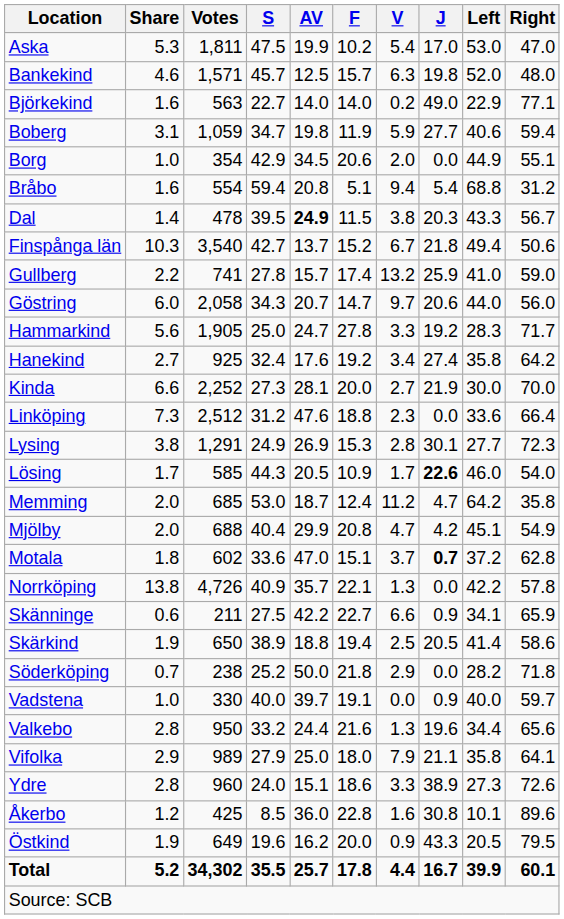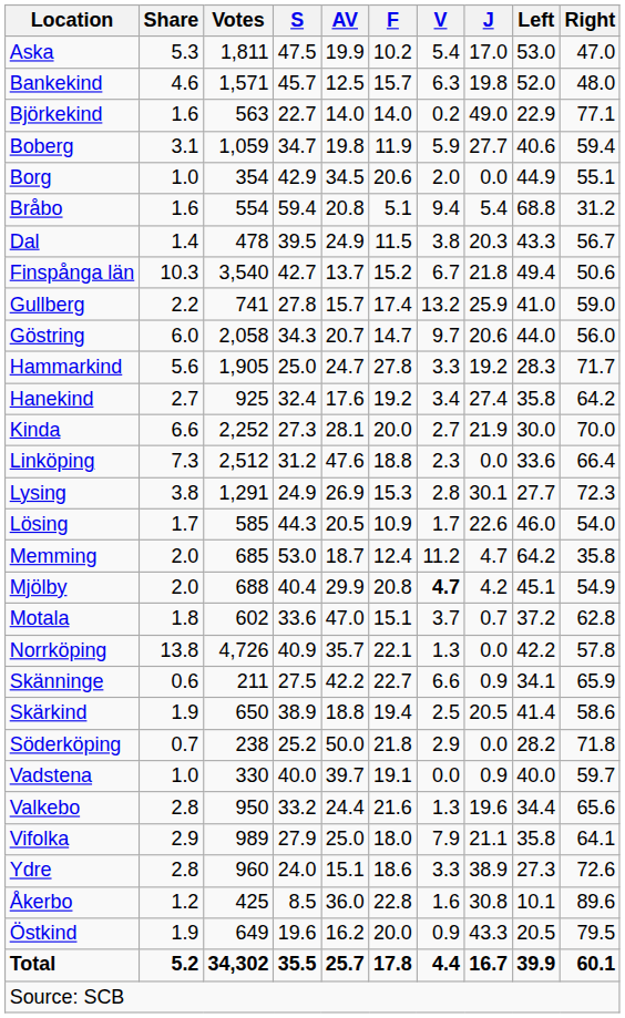 <table class="wikitable sortable" style=text-align:right>
 <tr>
 <th>Location</th>
 <th>Share</th>
 <th>Votes</th>
 <th><a href='#'>S</a></th>
 <th><a href='#'>AV</a></th>
 <th><a href='#'>F</a></th>
 <th><a href='#'>V</a></th>
 <th><a href='#'>J</a></th>
 <th>Left</th>
 <th>Right</th>
 </tr>
 <tr>
 <td align=left><a href='#'>Aska</a></td>
 <td>5.3</td>
 <td>1,811</td>
 <td>47.5</td>
 <td>19.9</td>
 <td>10.2</td>
 <td>5.4</td>
 <td>17.0</td>
 <td>53.0</td>
 <td>47.0</td>
 </tr>
 <tr>
 <td align=left><a href='#'>Bankekind</a></td>
 <td>4.6</td>
 <td>1,571</td>
 <td>45.7</td>
 <td>12.5</td>
 <td>15.7</td>
 <td>6.3</td>
 <td>19.8</td>
 <td>52.0</td>
 <td>48.0</td>
 </tr>
 <tr>
 <td align=left><a href='#'>Björkekind</a></td>
 <td>1.6</td>
 <td>563</td>
 <td>22.7</td>
 <td>14.0</td>
 <td>14.0</td>
 <td>0.2</td>
 <td>49.0</td>
 <td>22.9</td>
 <td>77.1</td>
 </tr>
 <tr>
 <td align=left><a href='#'>Boberg</a></td>
 <td>3.1</td>
 <td>1,059</td>
 <td>34.7</td>
 <td>19.8</td>
 <td>11.9</td>
 <td>5.9</td>
 <td>27.7</td>
 <td>40.6</td>
 <td>59.4</td>
 </tr>
 <tr>
 <td align=left><a href='#'>Borg</a></td>
 <td>1.0</td>
 <td>354</td>
 <td>42.9</td>
 <td>34.5</td>
 <td>20.6</td>
 <td>2.0</td>
 <td>0.0</td>
 <td>44.9</td>
 <td>55.1</td>
 </tr>
 <tr>
 <td align=left><a href='#'>Bråbo</a></td>
 <td>1.6</td>
 <td>554</td>
 <td>59.4</td>
 <td>20.8</td>
 <td>5.1</td>
 <td>9.4</td>
 <td>5.4</td>
 <td>68.8</td>
 <td>31.2</td>
 </tr>
 <tr>
 <td align=left><a href='#'>Dal</a></td>
 <td>1.4</td>
 <td>478</td>
 <td>39.5</td>
-<td><strong>24.9</strong></td>
+<td>24.9</td>
 <td>11.5</td>
 <td>3.8</td>
 <td>20.3</td>
 <td>43.3</td>
 <td>56.7</td>
 </tr>
 <tr>
 <td align=left><a href='#'>Finspånga län</a></td>
 <td>10.3</td>
 <td>3,540</td>
 <td>42.7</td>
 <td>13.7</td>
 <td>15.2</td>
 <td>6.7</td>
 <td>21.8</td>
 <td>49.4</td>
 <td>50.6</td>
 </tr>
 <tr>
 <td align=left><a href='#'>Gullberg</a></td>
 <td>2.2</td>
 <td>741</td>
 <td>27.8</td>
 <td>15.7</td>
 <td>17.4</td>
 <td>13.2</td>
 <td>25.9</td>
 <td>41.0</td>
 <td>59.0</td>
 </tr>
 <tr>
 <td align=left><a href='#'>Göstring</a></td>
 <td>6.0</td>
 <td>2,058</td>
 <td>34.3</td>
 <td>20.7</td>
 <td>14.7</td>
 <td>9.7</td>
 <td>20.6</td>
 <td>44.0</td>
 <td>56.0</td>
 </tr>
 <tr>
 <td align=left><a href='#'>Hammarkind</a></td>
 <td>5.6</td>
 <td>1,905</td>
 <td>25.0</td>
 <td>24.7</td>
 <td>27.8</td>
 <td>3.3</td>
 <td>19.2</td>
 <td>28.3</td>
 <td>71.7</td>
 </tr>
 <tr>
 <td align=left><a href='#'>Hanekind</a></td>
 <td>2.7</td>
 <td>925</td>
 <td>32.4</td>
 <td>17.6</td>
 <td>19.2</td>
 <td>3.4</td>
 <td>27.4</td>
 <td>35.8</td>
 <td>64.2</td>
 </tr>
 <tr>
 <td align=left><a href='#'>Kinda</a></td>
 <td>6.6</td>
 <td>2,252</td>
 <td>27.3</td>
 <td>28.1</td>
 <td>20.0</td>
 <td>2.7</td>
 <td>21.9</td>
 <td>30.0</td>
 <td>70.0</td>
 </tr>
 <tr>
 <td align=left><a href='#'>Linköping</a></td>
 <td>7.3</td>
 <td>2,512</td>
 <td>31.2</td>
 <td>47.6</td>
 <td>18.8</td>
 <td>2.3</td>
 <td>0.0</td>
 <td>33.6</td>
 <td>66.4</td>
 </tr>
 <tr>
 <td align=left><a href='#'>Lysing</a></td>
 <td>3.8</td>
 <td>1,291</td>
 <td>24.9</td>
 <td>26.9</td>
 <td>15.3</td>
 <td>2.8</td>
 <td>30.1</td>
 <td>27.7</td>
 <td>72.3</td>
 </tr>
 <tr>
 <td align=left><a href='#'>Lösing</a></td>
 <td>1.7</td>
 <td>585</td>
 <td>44.3</td>
 <td>20.5</td>
 <td>10.9</td>
 <td>1.7</td>
-<td><strong>22.6</strong></td>
+<td>22.6</td>
 <td>46.0</td>
 <td>54.0</td>
 </tr>
 <tr>
 <td align=left><a href='#'>Memming</a></td>
 <td>2.0</td>
 <td>685</td>
 <td>53.0</td>
 <td>18.7</td>
 <td>12.4</td>
 <td>11.2</td>
 <td>4.7</td>
 <td>64.2</td>
 <td>35.8</td>
 </tr>
 <tr>
 <td align=left><a href='#'>Mjölby</a></td>
 <td>2.0</td>
 <td>688</td>
 <td>40.4</td>
 <td>29.9</td>
 <td>20.8</td>
-<td>4.7</td>
+<td><strong>4.7</strong></td>
 <td>4.2</td>
 <td>45.1</td>
 <td>54.9</td>
 </tr>
 <tr>
 <td align=left><a href='#'>Motala</a></td>
 <td>1.8</td>
 <td>602</td>
 <td>33.6</td>
 <td>47.0</td>
 <td>15.1</td>
 <td>3.7</td>
-<td><strong>0.7</strong></td>
+<td>0.7</td>
 <td>37.2</td>
 <td>62.8</td>
 </tr>
 <tr>
 <td align=left><a href='#'>Norrköping</a></td>
 <td>13.8</td>
 <td>4,726</td>
 <td>40.9</td>
 <td>35.7</td>
 <td>22.1</td>
 <td>1.3</td>
 <td>0.0</td>
 <td>42.2</td>
 <td>57.8</td>
 </tr>
 <tr>
 <td align=left><a href='#'>Skänninge</a></td>
 <td>0.6</td>
 <td>211</td>
 <td>27.5</td>
 <td>42.2</td>
 <td>22.7</td>
 <td>6.6</td>
 <td>0.9</td>
 <td>34.1</td>
 <td>65.9</td>
 </tr>
 <tr>
 <td align=left><a href='#'>Skärkind</a></td>
 <td>1.9</td>
 <td>650</td>
 <td>38.9</td>
 <td>18.8</td>
 <td>19.4</td>
 <td>2.5</td>
 <td>20.5</td>
 <td>41.4</td>
 <td>58.6</td>
 </tr>
 <tr>
 <td align=left><a href='#'>Söderköping</a></td>
 <td>0.7</td>
 <td>238</td>
 <td>25.2</td>
 <td>50.0</td>
 <td>21.8</td>
 <td>2.9</td>
 <td>0.0</td>
 <td>28.2</td>
 <td>71.8</td>
 </tr>
 <tr>
 <td align=left><a href='#'>Vadstena</a></td>
 <td>1.0</td>
 <td>330</td>
 <td>40.0</td>
 <td>39.7</td>
 <td>19.1</td>
 <td>0.0</td>
 <td>0.9</td>
 <td>40.0</td>
 <td>59.7</td>
 </tr>
 <tr>
 <td align=left><a href='#'>Valkebo</a></td>
 <td>2.8</td>
 <td>950</td>
 <td>33.2</td>
 <td>24.4</td>
 <td>21.6</td>
 <td>1.3</td>
 <td>19.6</td>
 <td>34.4</td>
 <td>65.6</td>
 </tr>
 <tr>
 <td align=left><a href='#'>Vifolka</a></td>
 <td>2.9</td>
 <td>989</td>
 <td>27.9</td>
 <td>25.0</td>
 <td>18.0</td>
 <td>7.9</td>
 <td>21.1</td>
 <td>35.8</td>
 <td>64.1</td>
 </tr>
 <tr>
 <td align=left><a href='#'>Ydre</a></td>
 <td>2.8</td>
 <td>960</td>
 <td>24.0</td>
 <td>15.1</td>
 <td>18.6</td>
 <td>3.3</td>
 <td>38.9</td>
 <td>27.3</td>
 <td>72.6</td>
 </tr>
 <tr>
 <td align=left><a href='#'>Åkerbo</a></td>
 <td>1.2</td>
 <td>425</td>
 <td>8.5</td>
 <td>36.0</td>
 <td>22.8</td>
 <td>1.6</td>
 <td>30.8</td>
 <td>10.1</td>
 <td>89.6</td>
 </tr>
 <tr>
 <td align=left><a href='#'>Östkind</a></td>
 <td>1.9</td>
 <td>649</td>
 <td>19.6</td>
 <td>16.2</td>
 <td>20.0</td>
 <td>0.9</td>
 <td>43.3</td>
 <td>20.5</td>
 <td>79.5</td>
 </tr>
 <tr>
 <td align=left><strong>Total</strong></td>
 <td><strong>5.2</strong></td>
 <td><strong>34,302</strong></td>
 <td><strong>35.5</strong></td>
 <td><strong>25.7</strong></td>
 <td><strong>17.8</strong></td>
 <td><strong>4.4</strong></td>
 <td><strong>16.7</strong></td>
 <td><strong>39.9</strong></td>
 <td><strong>60.1</strong></td>
 </tr>
 <tr>
 <td align=left colspan=10>Source: SCB </td>
 </tr>
 </table>
